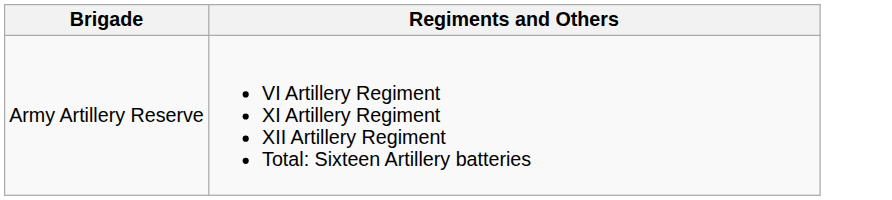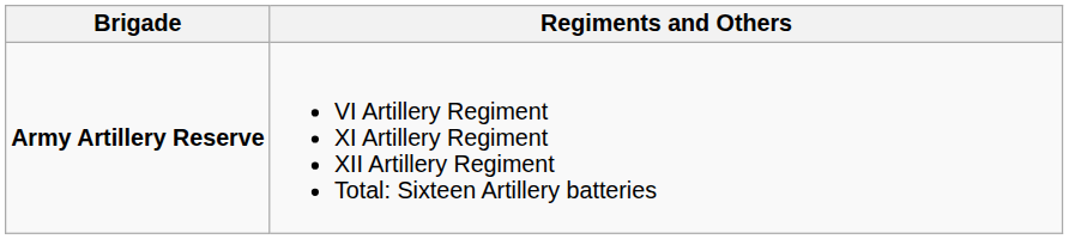 <table class="wikitable">
 <tr>
 <th width=25%>Brigade</th>
 <th>Regiments and Others</th>
 </tr>
 <tr>
-<td>Army Artillery Reserve</td>
+<td><strong>Army Artillery Reserve</strong></td>
 <td><br><ul><li>VI Artillery Regiment</li><li>XI Artillery Regiment</li><li>XII Artillery Regiment</li><li>Total: Sixteen Artillery batteries</li></ul></td>
 </tr>
 </table>
